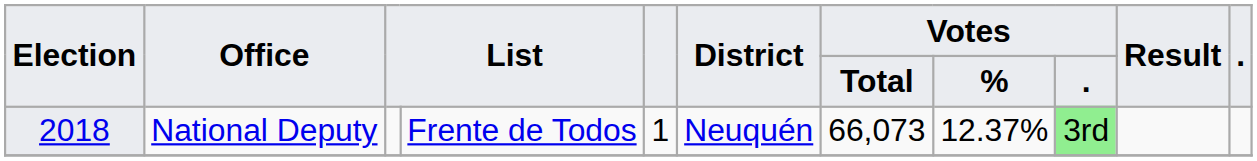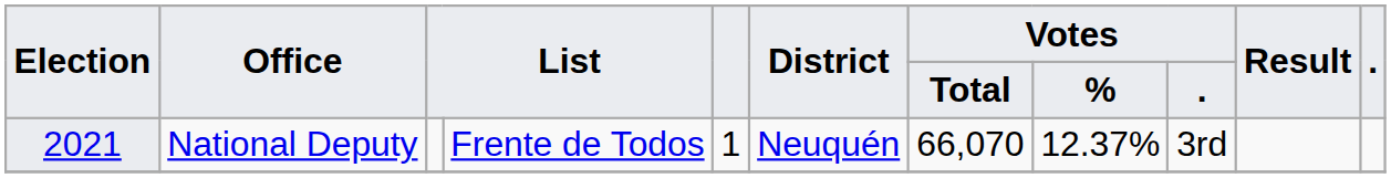 <table class="wikitable" style="font-size:90%; text-align:center;">
 <tr>
 <th style="background-color:#EAECF0;" rowspan=2>Election</th>
 <th style="background-color:#EAECF0;" rowspan=2>Office</th>
 <th style="background-color:#EAECF0;" colspan=2 rowspan=2>List</th>
 <th style="background-color:#EAECF0;" rowspan=2></th>
 <th style="background-color:#EAECF0;" rowspan=2>District</th>
 <th style="background-color:#EAECF0;" colspan=3>Votes</th>
 <th style="background-color:#EAECF0;" rowspan=2>Result</th>
 <th style="background-color:#EAECF0;" rowspan=2>.</th>
 </tr>
 <tr>
 <th style="background-color:#EAECF0;">Total</th>
 <th style="background-color:#EAECF0;">%</th>
 <th style="background-color:#EAECF0;">.</th>
 </tr>
 <tr>
-<td style="background-color:#EAECF0;"><a href='#'>2018</a></td>
+<td style="background-color:#EAECF0;"><a href='#'>2021</a></td>
 <td><a href='#'>National Deputy</a></td>
 <td style="background-color:"></td>
 <td><a href='#'>Frente de Todos</a></td>
 <td>1</td>
 <td><a href='#'>Neuquén</a></td>
-<td>66,073</td>
+<td>66,070</td>
 <td>12.37%</td>
-<td style="background: lightgreen;">3rd</td>
+<td>3rd</td>
 <td></td>
 <td></td>
 </tr>
 <tr>
 </tr>
 </table>
